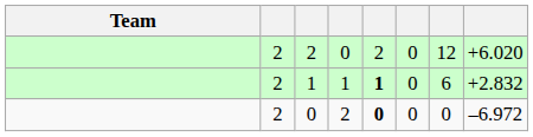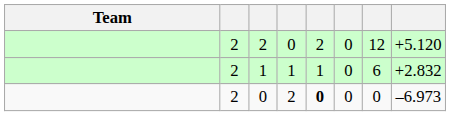 <table class="wikitable" style="text-align:center">
 <tr>
 <th width=200>Team</th>
 <th width=20></th>
 <th width=20></th>
 <th width=20></th>
 <th width=20></th>
 <th width=20></th>
 <th width=20></th>
 <th width=45></th>
 </tr>
 <tr style="background:#cfc">
 <td align="left"></td>
 <td>2</td>
 <td>2</td>
 <td>0</td>
 <td>2</td>
 <td>0</td>
 <td>12</td>
-<td>+6.020</td>
+<td>+5.120</td>
 </tr>
 <tr style="background:#cfc">
 <td align="left"></td>
 <td>2</td>
 <td>1</td>
 <td>1</td>
-<td><strong>1</strong></td>
+<td>1</td>
 <td>0</td>
 <td>6</td>
 <td>+2.832</td>
 </tr>
 <tr>
 <td align="left"></td>
 <td>2</td>
 <td>0</td>
 <td>2</td>
 <td><strong>0</strong></td>
 <td>0</td>
 <td>0</td>
-<td>–6.972</td>
+<td>–6.973</td>
 </tr>
 </table>
